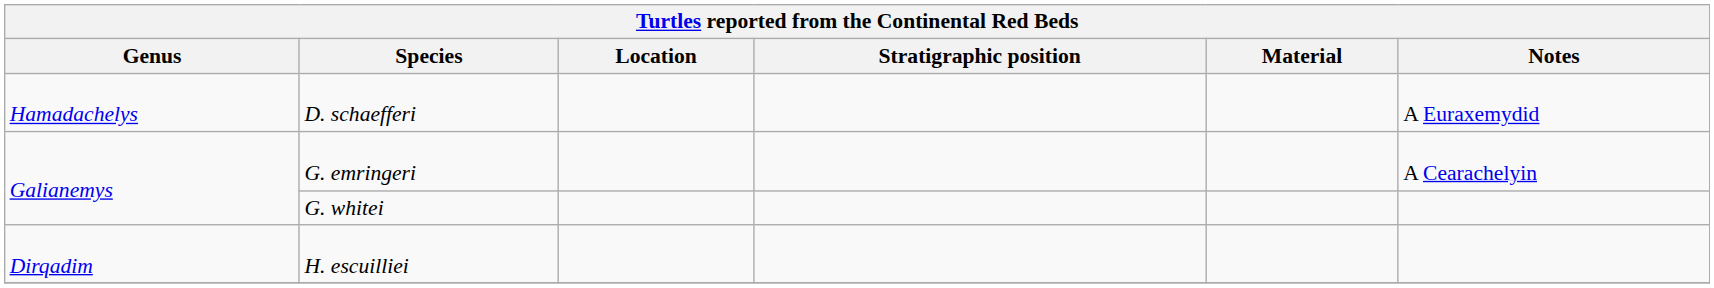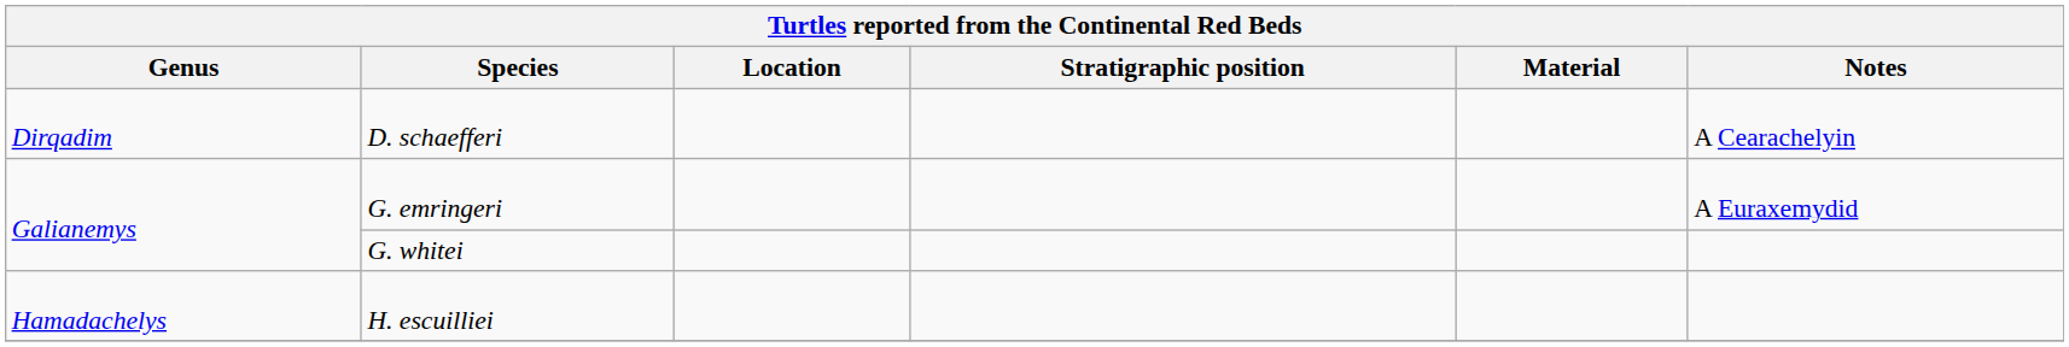 <table class="wikitable" align="center" width="100%">
 <tr>
 <th colspan="7" align="center"><a href='#'>Turtles</a> reported from the Continental Red Beds</th>
 </tr>
 <tr>
 <th>Genus</th>
 <th>Species</th>
 <th>Location</th>
 <th>Stratigraphic position</th>
 <th>Material</th>
 <th>Notes<br></th>
 </tr>
 <tr>
-<td><br><em><a href='#'>Hamadachelys</a></em></td>
+<td><br><em><a href='#'>Dirqadim</a></em></td>
 <td><br><em>D. schaefferi</em></td>
 <td></td>
 <td></td>
 <td></td>
-<td><br>A <a href='#'>Euraxemydid</a> </td>
+<td><br>A <a href='#'>Cearachelyin</a></td>
 </tr>
 <tr>
 <td rowspan="2"><br><em><a href='#'>Galianemys</a></em></td>
 <td><br><em>G. emringeri</em></td>
 <td></td>
 <td></td>
 <td></td>
-<td><br>A <a href='#'>Cearachelyin</a></td>
+<td><br>A <a href='#'>Euraxemydid</a> </td>
 </tr>
 <tr>
 <td><em>G. whitei</em></td>
 <td></td>
 <td></td>
 <td></td>
 <td></td>
 </tr>
 <tr>
-<td><br><em><a href='#'>Dirqadim</a></em></td>
+<td><br><em><a href='#'>Hamadachelys</a></em></td>
 <td><br><em>H. escuilliei</em></td>
 <td></td>
 <td></td>
 <td></td>
 <td></td>
 </tr>
 <tr>
 </tr>
 </table>
